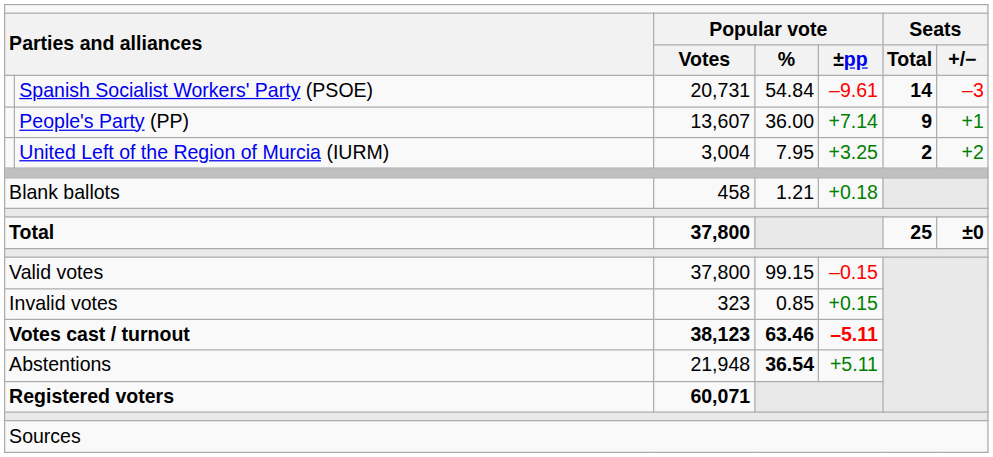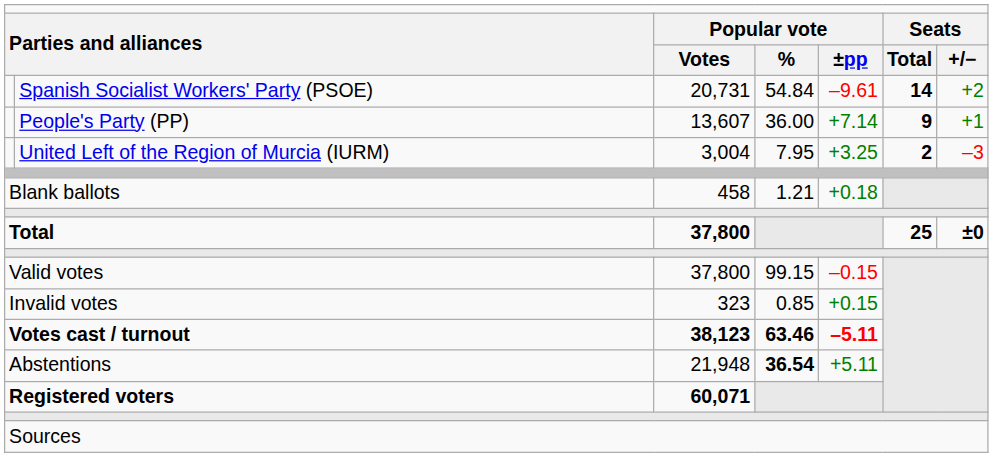 <table class="wikitable" style="text-align:right;">
 <tr>
 <td colspan="7"></td>
 </tr>
 <tr>
 <th style="text-align:left;" rowspan="2" colspan="2" width="525">Parties and alliances</th>
 <th colspan="3">Popular vote</th>
 <th colspan="2">Seats</th>
 </tr>
 <tr>
 <th width="75">Votes</th>
 <th width="45">%</th>
 <th width="45">±<a href='#'>pp</a></th>
 <th width="35">Total</th>
 <th width="35">+/−</th>
 </tr>
 <tr>
 <td width="1" style="color:inherit;background:"></td>
 <td align="left"><a href='#'>Spanish Socialist Workers' Party</a> (PSOE)</td>
 <td>20,731</td>
 <td>54.84</td>
 <td style="color:red;">–9.61</td>
 <td><strong>14</strong></td>
-<td style="color:red;">–3</td>
+<td style="color:green;">+2</td>
 </tr>
 <tr>
 <td style="color:inherit;background:"></td>
 <td align="left"><a href='#'>People's Party</a> (PP)</td>
 <td>13,607</td>
 <td>36.00</td>
 <td style="color:green;">+7.14</td>
 <td><strong>9</strong></td>
 <td style="color:green;">+1</td>
 </tr>
 <tr>
 <td style="color:inherit;background:"></td>
 <td align="left"><a href='#'>United Left of the Region of Murcia</a> (IURM)</td>
 <td>3,004</td>
 <td>7.95</td>
 <td style="color:green;">+3.25</td>
 <td><strong>2</strong></td>
-<td style="color:green;">+2</td>
+<td style="color:red;">–3</td>
 </tr>
 <tr>
 <td colspan="7" bgcolor="#C0C0C0"></td>
 </tr>
 <tr>
 <td align="left" colspan="2">Blank ballots</td>
 <td>458</td>
 <td>1.21</td>
 <td style="color:green;">+0.18</td>
 <td bgcolor="#E9E9E9" colspan="2"></td>
 </tr>
 <tr>
 <td colspan="7" bgcolor="#E9E9E9"></td>
 </tr>
 <tr style="font-weight:bold;">
 <td align="left" colspan="2">Total</td>
 <td>37,800</td>
 <td bgcolor="#E9E9E9" colspan="2"></td>
 <td>25</td>
 <td>±0</td>
 </tr>
 <tr>
 <td colspan="7" bgcolor="#E9E9E9"></td>
 </tr>
 <tr>
 <td align="left" colspan="2">Valid votes</td>
 <td>37,800</td>
 <td>99.15</td>
 <td style="color:red;">–0.15</td>
 <td bgcolor="#E9E9E9" colspan="2" rowspan="5"></td>
 </tr>
 <tr>
 <td align="left" colspan="2">Invalid votes</td>
 <td>323</td>
 <td>0.85</td>
 <td style="color:green;">+0.15</td>
 </tr>
 <tr style="font-weight:bold;">
 <td align="left" colspan="2">Votes cast / turnout</td>
 <td>38,123</td>
 <td>63.46</td>
 <td style="color:red;">–5.11</td>
 </tr>
 <tr>
 <td align="left" colspan="2">Abstentions</td>
 <td>21,948</td>
 <td><strong>36.54</strong></td>
 <td style="color:green;">+5.11</td>
 </tr>
 <tr style="font-weight:bold;">
 <td align="left" colspan="2">Registered voters</td>
 <td>60,071</td>
 <td bgcolor="#E9E9E9" colspan="2"></td>
 </tr>
 <tr>
 <td colspan="7" bgcolor="#E9E9E9"></td>
 </tr>
 <tr>
 <td align="left" colspan="7">Sources</td>
 </tr>
 </table>
